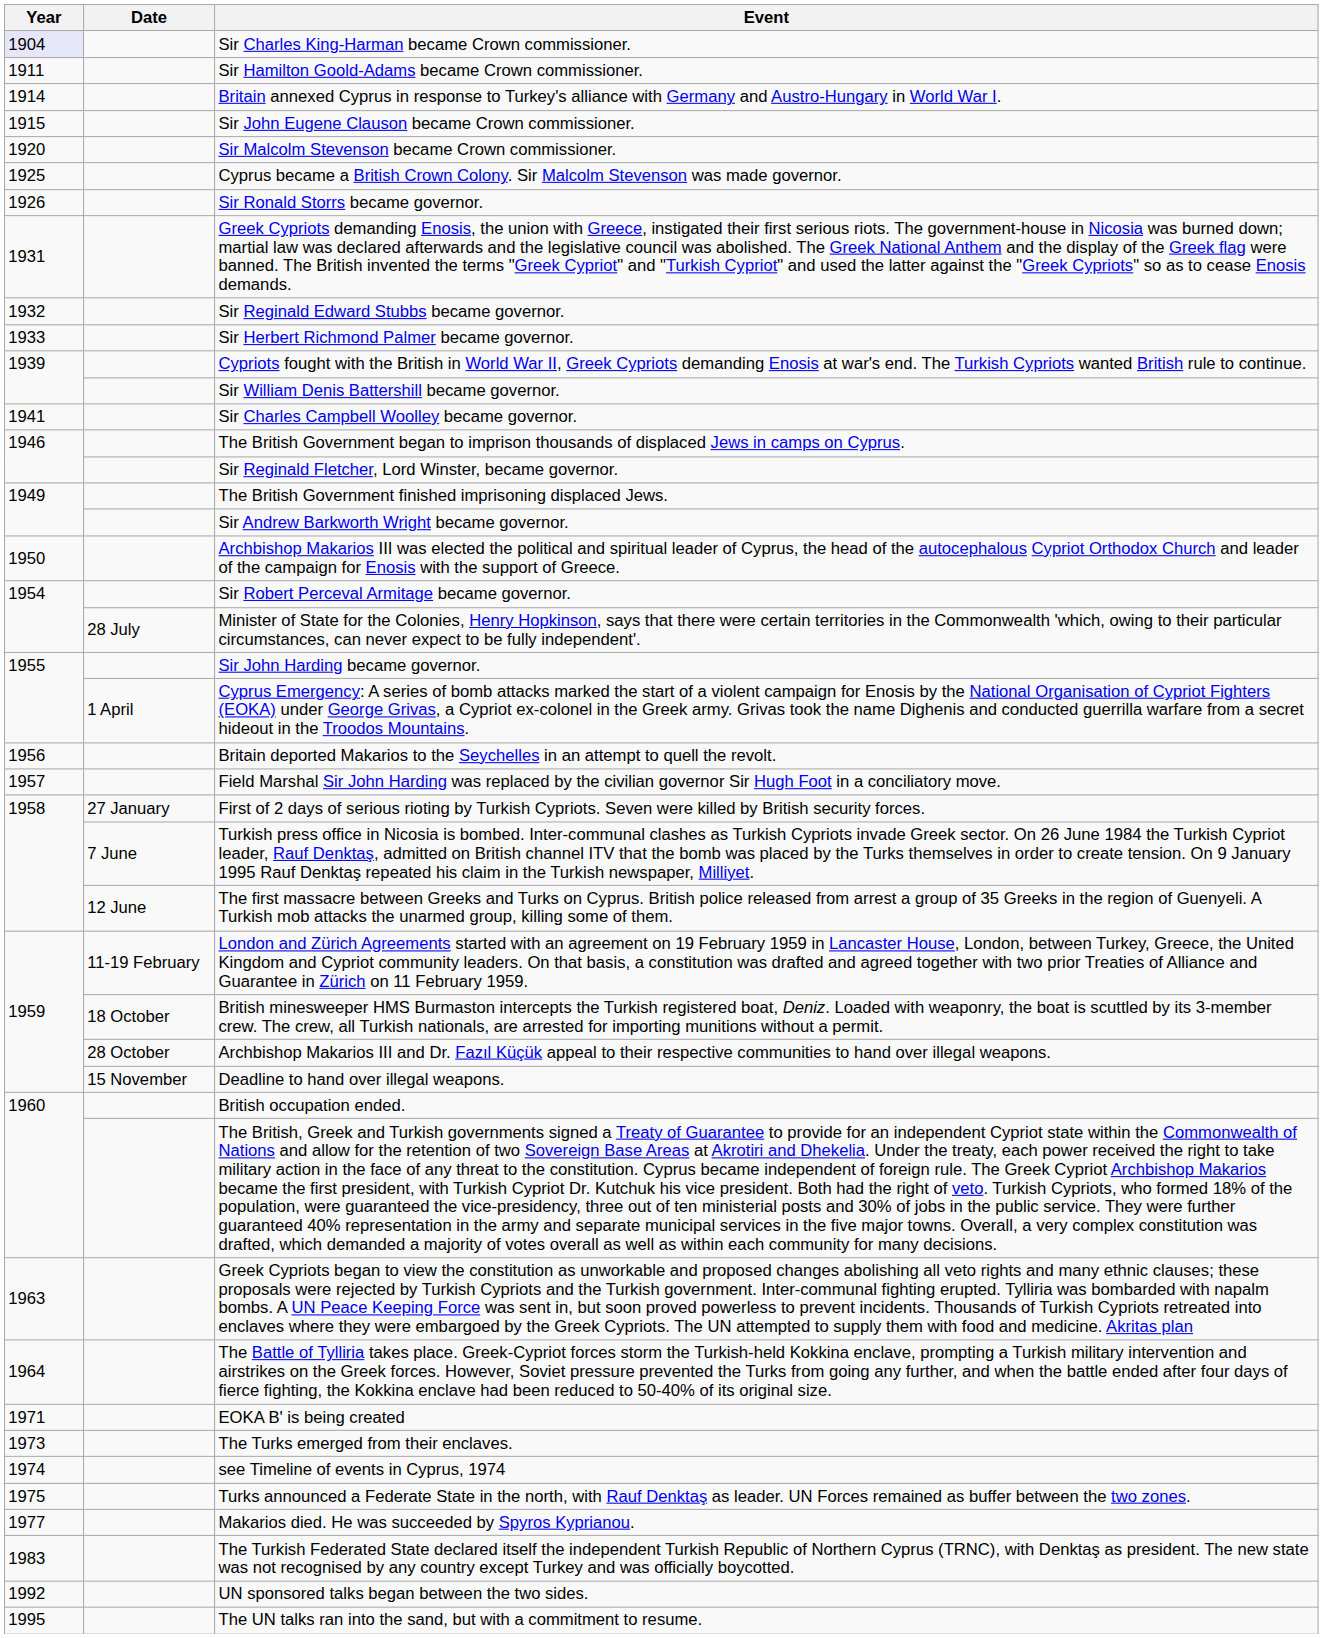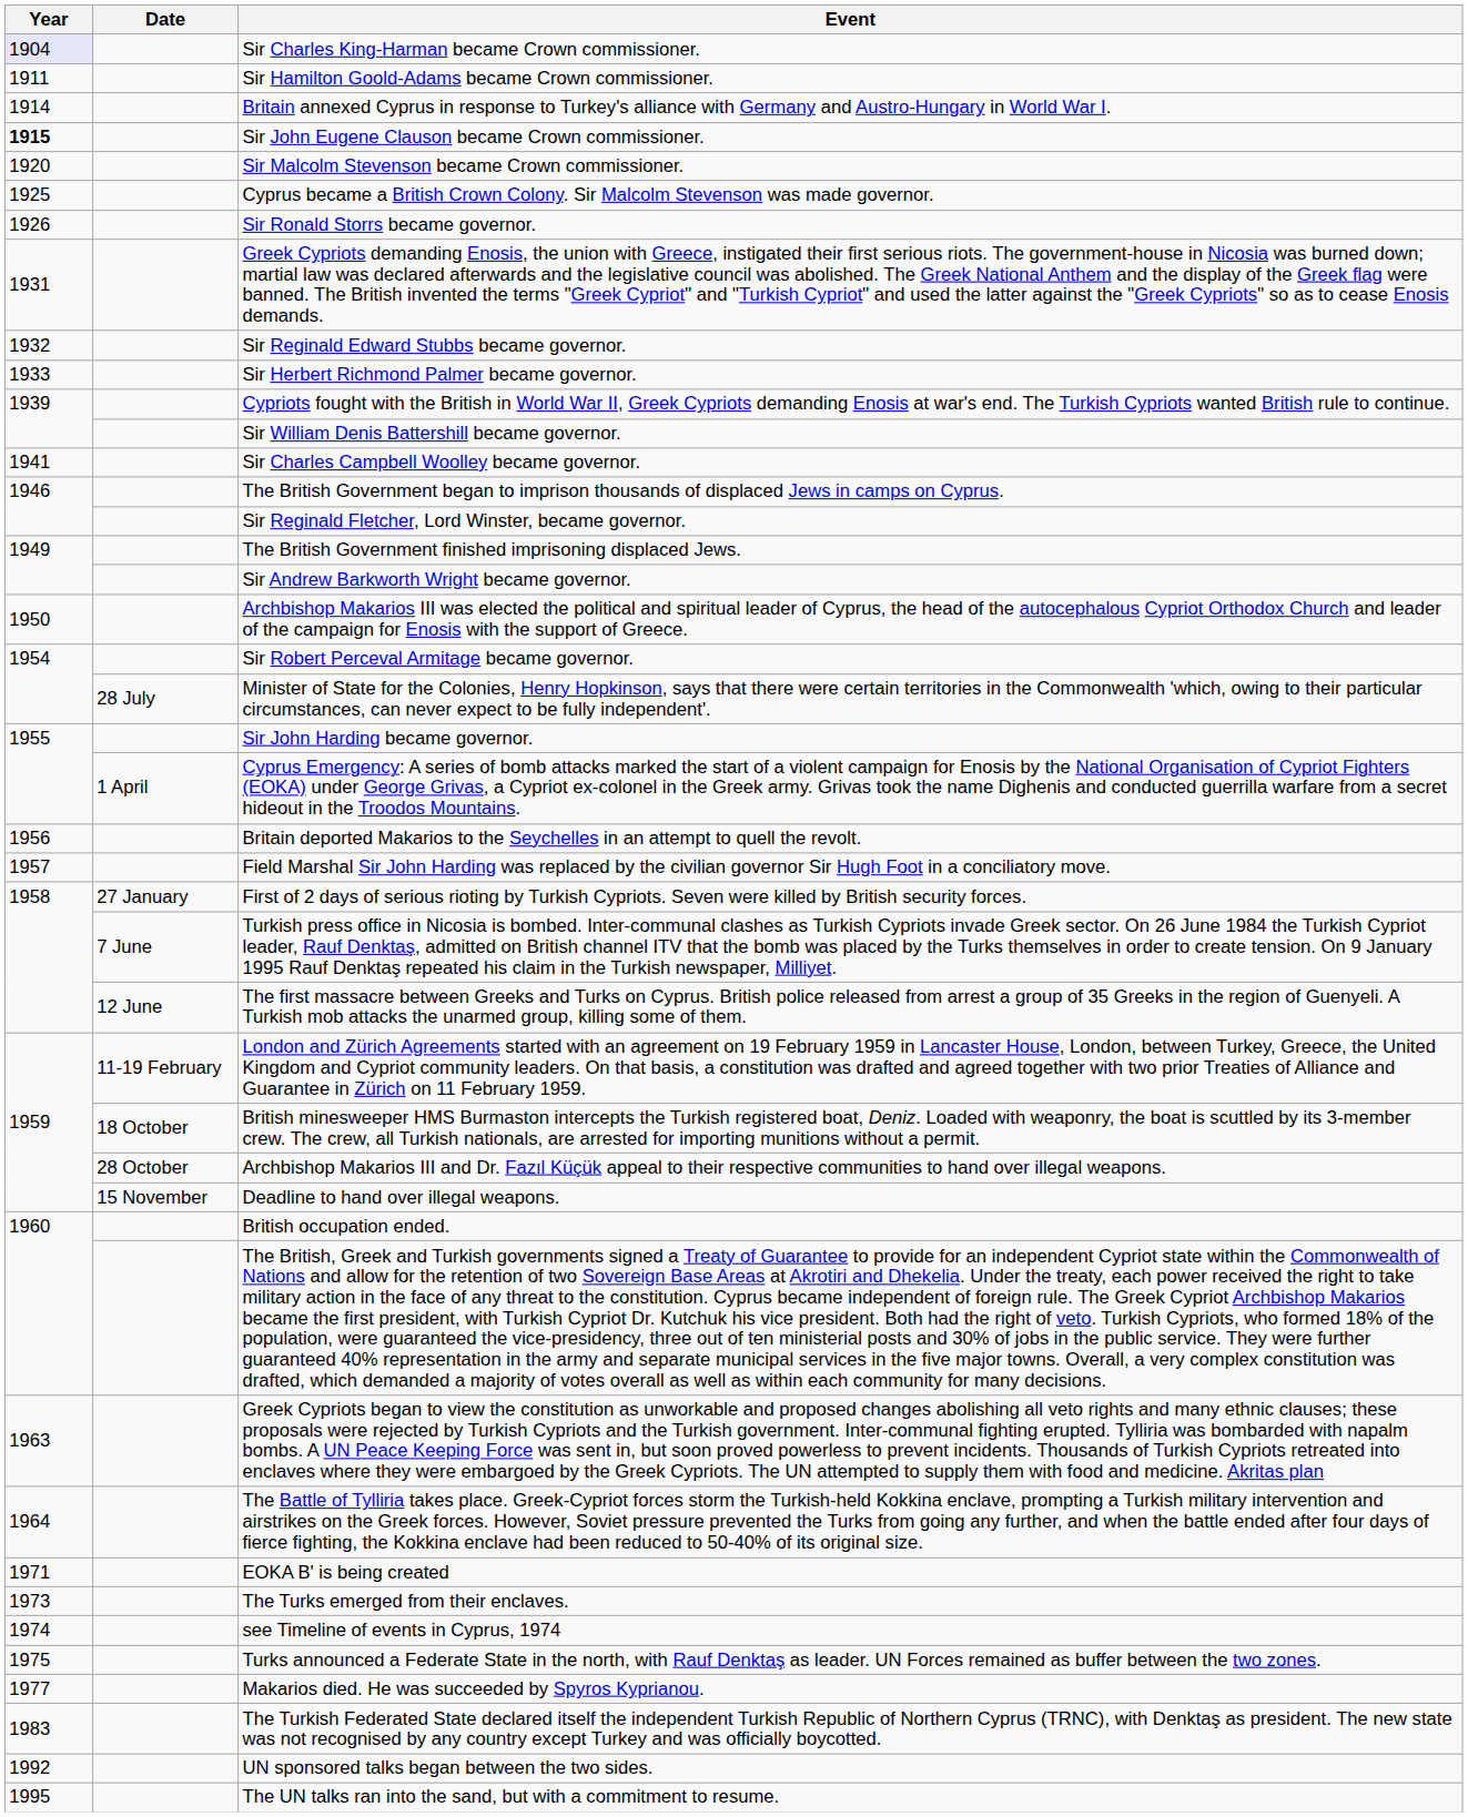 <table class="wikitable" width="100%">
 <tr>
 <th style="width:6%">Year</th>
 <th style="width:10%">Date</th>
 <th>Event</th>
 </tr>
 <tr>
 <td style="background: lavender;">1904</td>
 <td></td>
 <td>Sir <a href='#'>Charles King-Harman</a> became Crown commissioner.</td>
 </tr>
 <tr>
 <td>1911</td>
 <td></td>
 <td>Sir <a href='#'>Hamilton Goold-Adams</a> became Crown commissioner.</td>
 </tr>
 <tr>
 <td>1914</td>
 <td></td>
 <td><a href='#'>Britain</a> annexed Cyprus in response to Turkey's alliance with <a href='#'>Germany</a> and <a href='#'>Austro-Hungary</a> in <a href='#'>World War I</a>.</td>
 </tr>
 <tr>
-<td>1915</td>
+<td><strong>1915</strong></td>
 <td></td>
 <td>Sir <a href='#'>John Eugene Clauson</a> became Crown commissioner.</td>
 </tr>
 <tr>
 <td>1920</td>
 <td></td>
 <td><a href='#'>Sir Malcolm Stevenson</a> became Crown commissioner.</td>
 </tr>
 <tr>
 <td>1925</td>
 <td></td>
 <td>Cyprus became a <a href='#'>British Crown Colony</a>. Sir <a href='#'>Malcolm Stevenson</a> was made governor.</td>
 </tr>
 <tr>
 <td>1926</td>
 <td></td>
 <td><a href='#'>Sir Ronald Storrs</a> became governor.</td>
 </tr>
 <tr>
 <td>1931</td>
 <td></td>
 <td><a href='#'>Greek Cypriots</a> demanding <a href='#'>Enosis</a>, the union with <a href='#'>Greece</a>, instigated their first serious riots. The government-house in <a href='#'>Nicosia</a> was burned down; martial law was declared afterwards and the legislative council was abolished. The <a href='#'>Greek National Anthem</a> and the display of the <a href='#'>Greek flag</a> were banned. The British invented the terms "<a href='#'>Greek Cypriot</a>" and "<a href='#'>Turkish Cypriot</a>" and used the latter against the "<a href='#'>Greek Cypriots</a>" so as to cease <a href='#'>Enosis</a> demands.</td>
 </tr>
 <tr>
 <td>1932</td>
 <td></td>
 <td>Sir <a href='#'>Reginald Edward Stubbs</a> became governor.</td>
 </tr>
 <tr>
 <td>1933</td>
 <td></td>
 <td>Sir <a href='#'>Herbert Richmond Palmer</a> became governor.</td>
 </tr>
 <tr>
 <td rowspan="2" style="vertical-align:top">1939</td>
 <td></td>
 <td><a href='#'>Cypriots</a> fought with the British in <a href='#'>World War II</a>, <a href='#'>Greek Cypriots</a> demanding <a href='#'>Enosis</a> at war's end. The <a href='#'>Turkish Cypriots</a> wanted <a href='#'>British</a> rule to continue.</td>
 </tr>
 <tr>
 <td></td>
 <td>Sir <a href='#'>William Denis Battershill</a> became governor.</td>
 </tr>
 <tr>
 <td>1941</td>
 <td></td>
 <td>Sir <a href='#'>Charles Campbell Woolley</a> became governor.</td>
 </tr>
 <tr>
 <td rowspan="2" style="vertical-align:top">1946</td>
 <td></td>
 <td>The British Government began to imprison thousands of displaced <a href='#'>Jews in camps on Cyprus</a>.</td>
 </tr>
 <tr>
 <td></td>
 <td>Sir <a href='#'>Reginald Fletcher</a>, Lord Winster, became governor.</td>
 </tr>
 <tr>
 <td rowspan="2" style="vertical-align:top">1949</td>
 <td></td>
 <td>The British Government finished imprisoning displaced Jews.</td>
 </tr>
 <tr>
 <td></td>
 <td>Sir <a href='#'>Andrew Barkworth Wright</a> became governor.</td>
 </tr>
 <tr>
 <td>1950</td>
 <td></td>
 <td><a href='#'>Archbishop Makarios</a> III was elected the political and spiritual leader of Cyprus, the head of the <a href='#'>autocephalous</a> <a href='#'>Cypriot Orthodox Church</a> and leader of the campaign for <a href='#'>Enosis</a> with the support of Greece.</td>
 </tr>
 <tr>
 <td rowspan="2" style="vertical-align:top">1954</td>
 <td></td>
 <td>Sir <a href='#'>Robert Perceval Armitage</a> became governor.</td>
 </tr>
 <tr>
 <td>28 July</td>
 <td>Minister of State for the Colonies, <a href='#'>Henry Hopkinson</a>, says that there were certain territories in the Commonwealth 'which, owing to their particular circumstances, can never expect to be fully independent'.</td>
 </tr>
 <tr>
 <td rowspan="2" style="vertical-align:top">1955</td>
 <td></td>
 <td><a href='#'>Sir John Harding</a> became governor.</td>
 </tr>
 <tr>
 <td>1 April</td>
 <td><a href='#'>Cyprus Emergency</a>: A series of bomb attacks marked the start of a violent campaign for Enosis by the <a href='#'>National Organisation of Cypriot Fighters (EOKA)</a> under <a href='#'>George Grivas</a>, a Cypriot ex-colonel in the Greek army.  Grivas took the name Dighenis and conducted guerrilla warfare from a secret hideout in the <a href='#'>Troodos Mountains</a>.</td>
 </tr>
 <tr>
 <td>1956</td>
 <td></td>
 <td>Britain deported Makarios to the <a href='#'>Seychelles</a> in an attempt to quell the revolt.</td>
 </tr>
 <tr>
 <td>1957</td>
 <td></td>
 <td>Field Marshal <a href='#'>Sir John Harding</a> was replaced by the civilian governor Sir <a href='#'>Hugh Foot</a> in a conciliatory move.</td>
 </tr>
 <tr>
 <td rowspan="3" style="vertical-align:top">1958</td>
 <td>27 January</td>
 <td>First of 2 days of serious rioting by Turkish Cypriots. Seven were killed by British security forces.</td>
 </tr>
 <tr>
 <td>7 June</td>
 <td>Turkish press office in Nicosia is bombed. Inter-communal clashes as Turkish Cypriots invade Greek sector. On 26 June 1984 the Turkish Cypriot leader, <a href='#'>Rauf Denktaş</a>, admitted on British channel ITV that the bomb was placed by the Turks themselves in order to create tension. On 9 January 1995 Rauf Denktaş repeated his claim in the Turkish newspaper, <a href='#'>Milliyet</a>.</td>
 </tr>
 <tr>
 <td>12 June</td>
 <td>The first massacre between Greeks and Turks on Cyprus. British police released from arrest a group of 35 Greeks in the region of Guenyeli. A Turkish mob attacks the unarmed group, killing some of them.</td>
 </tr>
 <tr>
 <td rowspan="4">1959</td>
 <td>11-19 February</td>
 <td><a href='#'>London and Zürich Agreements</a> started with an agreement on 19 February 1959 in <a href='#'>Lancaster House</a>, London, between Turkey, Greece, the United Kingdom and Cypriot community leaders. On that basis, a constitution was drafted and agreed together with two prior Treaties of Alliance and Guarantee in <a href='#'>Zürich</a> on 11 February 1959.</td>
 </tr>
 <tr>
 <td>18 October</td>
 <td>British minesweeper HMS Burmaston intercepts the Turkish registered boat, <em>Deniz</em>. Loaded with weaponry, the boat is scuttled by its 3-member crew. The crew, all Turkish nationals, are arrested for importing munitions without a permit.</td>
 </tr>
 <tr>
 <td>28 October</td>
 <td>Archbishop Makarios III and Dr. <a href='#'>Fazıl Küçük</a> appeal to their respective communities to hand over illegal weapons.</td>
 </tr>
 <tr>
 <td>15 November</td>
 <td>Deadline to hand over illegal weapons.</td>
 </tr>
 <tr>
 <td rowspan="2" style="vertical-align:top">1960</td>
 <td></td>
 <td>British occupation ended.</td>
 </tr>
 <tr>
 <td></td>
 <td>The British, Greek and Turkish governments signed a <a href='#'>Treaty of Guarantee</a> to provide for an independent Cypriot state within the <a href='#'>Commonwealth of Nations</a> and allow for the retention of two <a href='#'>Sovereign Base Areas</a> at <a href='#'>Akrotiri and Dhekelia</a>. Under the treaty, each power received the right to take military action in the face of any threat to the constitution. Cyprus became independent of foreign rule. The Greek Cypriot <a href='#'>Archbishop Makarios</a> became the first president, with Turkish Cypriot Dr. Kutchuk his vice president. Both had the right of <a href='#'>veto</a>. Turkish Cypriots, who formed 18% of the population, were guaranteed the vice-presidency, three out of ten ministerial posts and 30% of jobs in the public service.  They were further guaranteed 40% representation in the army and separate municipal services in the five major towns. Overall, a very complex constitution was drafted, which demanded a majority of votes overall as well as within each community for many decisions.</td>
 </tr>
 <tr>
 <td>1963</td>
 <td></td>
 <td>Greek Cypriots began to view the constitution as unworkable and proposed changes abolishing all veto rights and many ethnic clauses; these proposals were rejected by Turkish Cypriots and the Turkish government. Inter-communal fighting erupted. Tylliria was bombarded with napalm bombs. A <a href='#'>UN Peace Keeping Force</a> was sent in, but soon proved powerless to prevent incidents. Thousands of Turkish Cypriots retreated into enclaves where they were embargoed by the Greek Cypriots. The UN attempted to supply them with food and medicine. <a href='#'>Akritas plan</a></td>
 </tr>
 <tr>
 <td>1964</td>
 <td></td>
 <td>The <a href='#'>Battle of Tylliria</a> takes place. Greek-Cypriot forces storm the Turkish-held Kokkina enclave, prompting a Turkish military intervention and airstrikes on the Greek forces. However, Soviet pressure prevented the Turks from going any further, and when the battle ended after four days of fierce fighting, the Kokkina enclave had been reduced to 50-40% of its original size.</td>
 </tr>
 <tr>
 <td>1971</td>
 <td></td>
 <td>EOKA B' is being created</td>
 </tr>
 <tr>
 <td>1973</td>
 <td></td>
 <td>The Turks emerged from their enclaves.</td>
 </tr>
 <tr>
 <td>1974</td>
 <td></td>
 <td>see Timeline of events in Cyprus, 1974</td>
 </tr>
 <tr>
 <td>1975</td>
 <td></td>
 <td>Turks announced a Federate State in the north, with <a href='#'>Rauf Denktaş</a> as leader. UN Forces remained as buffer between the <a href='#'>two zones</a>.</td>
 </tr>
 <tr>
 <td>1977</td>
 <td></td>
 <td>Makarios died. He was succeeded by <a href='#'>Spyros Kyprianou</a>.</td>
 </tr>
 <tr>
 <td>1983</td>
 <td></td>
 <td>The Turkish Federated State declared itself the independent Turkish Republic of Northern Cyprus (TRNC), with Denktaş as president. The new state was not recognised by any country except Turkey and was officially boycotted.</td>
 </tr>
 <tr>
 <td>1992</td>
 <td></td>
 <td>UN sponsored talks began between the two sides.</td>
 </tr>
 <tr>
 <td>1995</td>
 <td></td>
 <td>The UN talks ran into the sand, but with a commitment to resume.</td>
 </tr>
 </table>
